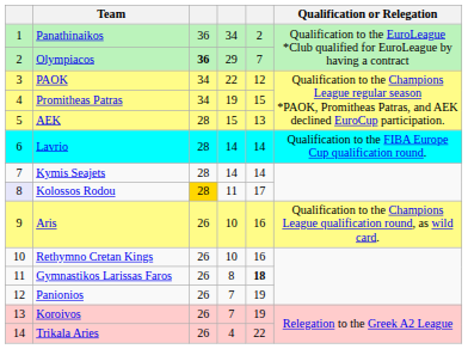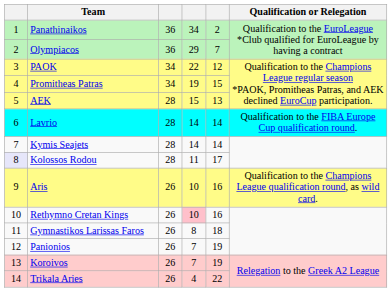 <table class="wikitable" style="text-align: center;">
 <tr>
 <th width=30></th>
 <th width=200>Team</th>
 <th width=30></th>
 <th width=30></th>
 <th width=30></th>
 <th>Qualification or Relegation</th>
 </tr>
 <tr bgcolor="#BBF3BB">
 <td>1</td>
 <td align=left><a href='#'>Panathinaikos</a></td>
 <td>36</td>
 <td>34</td>
 <td>2</td>
 <td rowspan=2>Qualification to the <a href='#'>EuroLeague</a><br>*Club qualified for EuroLeague by having a contract</td>
 </tr>
 <tr bgcolor="#BBF3BB">
 <td>2</td>
 <td align=left><a href='#'>Olympiacos</a></td>
-<td><strong>36</strong></td>
+<td>36</td>
 <td>29</td>
 <td>7</td>
 </tr>
 <tr bgcolor="#FFFC88">
 <td>3</td>
 <td align="left"><a href='#'>PAOK</a></td>
 <td>34</td>
 <td>22</td>
 <td>12</td>
 <td rowspan=3>Qualification to the <a href='#'>Champions League regular season</a><br>*PAOK, Promitheas Patras, and AEK declined <a href='#'>EuroCup</a> participation.</td>
 </tr>
 <tr bgcolor="#FFFC88">
 <td>4</td>
 <td align="left"><a href='#'>Promitheas Patras</a></td>
 <td>34</td>
 <td>19</td>
 <td>15</td>
 </tr>
 <tr bgcolor="#FFFC88">
 <td>5</td>
 <td align=left><a href='#'>AEK</a></td>
 <td>28</td>
 <td>15</td>
 <td>13</td>
 </tr>
 <tr bgcolor="#00FFFF">
 <td>6</td>
 <td align="left"><a href='#'>Lavrio</a></td>
 <td>28</td>
 <td>14</td>
 <td>14</td>
 <td rowspan=1>Qualification to the <a href='#'>FIBA Europe Cup qualification round</a>.</td>
 </tr>
 <tr>
 <td>7</td>
 <td align="left"><a href='#'>Kymis Seajets</a></td>
 <td>28</td>
 <td>14</td>
 <td>14</td>
 </tr>
 <tr>
 <td style="background: lavender;">8</td>
 <td align="left"><a href='#'>Kolossos Rodou</a></td>
-<td style="background: gold;">28</td>
+<td>28</td>
 <td>11</td>
 <td>17</td>
 </tr>
 <tr bgcolor="#FFFC88">
 <td>9</td>
 <td align="left"><a href='#'>Aris</a></td>
 <td>26</td>
 <td>10</td>
 <td>16</td>
 <td rowspan=1>Qualification to the <a href='#'>Champions League qualification round</a>, as <a href='#'>wild card</a>.</td>
 </tr>
 <tr>
 <td>10</td>
 <td align="left"><a href='#'>Rethymno Cretan Kings</a></td>
 <td>26</td>
-<td>10</td>
+<td style="background: pink;">10</td>
 <td>16</td>
 </tr>
 <tr>
 <td>11</td>
 <td align="left"><a href='#'>Gymnastikos Larissas Faros</a></td>
 <td>26</td>
 <td>8</td>
-<td><strong>18</strong></td>
+<td>18</td>
 </tr>
 <tr>
 <td>12</td>
 <td align="left"><a href='#'>Panionios</a></td>
 <td>26</td>
 <td>7</td>
 <td>19</td>
 </tr>
 <tr bgcolor="FFCCCC">
 <td>13</td>
 <td align="left"><a href='#'>Koroivos</a></td>
 <td>26</td>
 <td>7</td>
 <td>19</td>
 <td rowspan=2><a href='#'>Relegation</a> to the <a href='#'>Greek A2 League</a></td>
 </tr>
 <tr bgcolor="FFCCCC">
 <td>14</td>
 <td align="left"><a href='#'>Trikala Aries</a></td>
 <td>26</td>
 <td>4</td>
 <td>22</td>
 </tr>
 </table>
